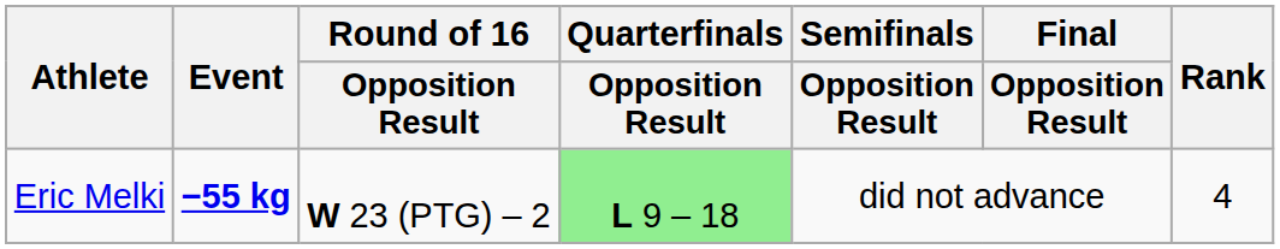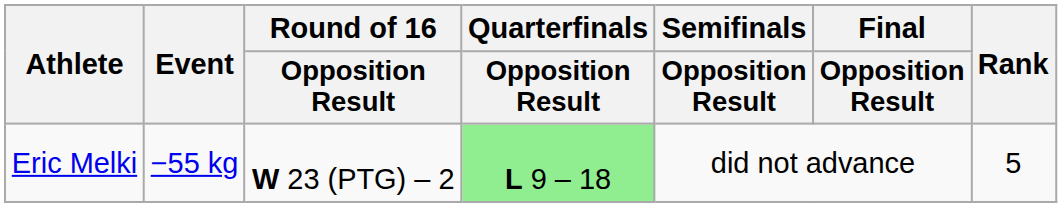 <table class="wikitable" style="font-size:90%;">
 <tr>
 <th rowspan=2>Athlete</th>
 <th rowspan=2>Event</th>
 <th>Round of 16</th>
 <th>Quarterfinals</th>
 <th>Semifinals</th>
 <th>Final</th>
 <th rowspan=2>Rank</th>
 </tr>
 <tr style="font-size:95%">
 <th>Opposition<br>Result</th>
 <th>Opposition<br>Result</th>
 <th>Opposition<br>Result</th>
 <th>Opposition<br>Result</th>
 </tr>
 <tr align=center>
 <td align=left><a href='#'>Eric Melki</a></td>
-<td align=left><strong><a href='#'>−55 kg</a></strong></td>
+<td align=left><a href='#'>−55 kg</a></td>
 <td><br><strong>W</strong> 23 (PTG) – 2</td>
 <td style="background: lightgreen;"><br><strong>L</strong> 9 – 18</td>
 <td colspan=2>did not advance</td>
-<td>4</td>
+<td>5</td>
 </tr>
 </table>
